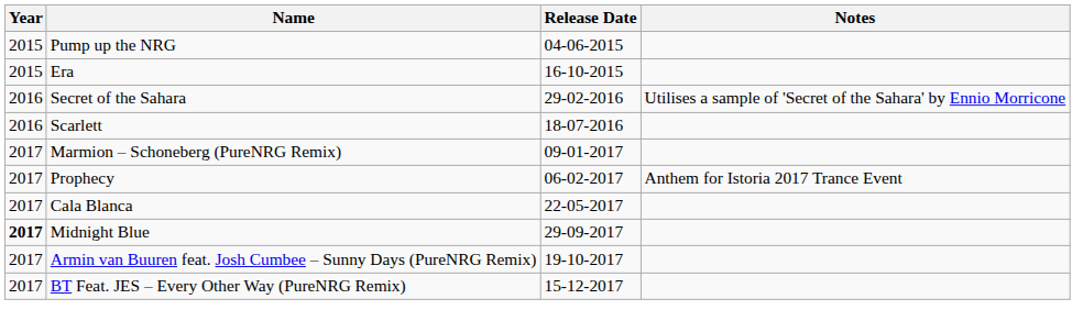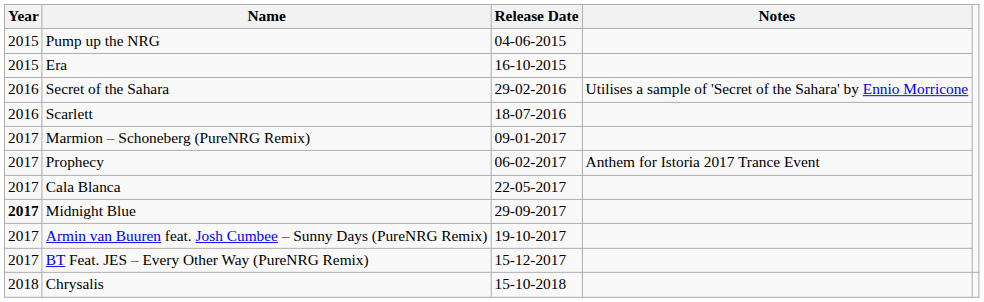 <table class="wikitable">
 <tr>
 <th>Year</th>
 <th>Name</th>
 <th>Release Date</th>
 <th>Notes</th>
 </tr>
 <tr>
 <td>2015</td>
 <td>Pump up the NRG</td>
 <td>04-06-2015</td>
 <td></td>
 </tr>
 <tr>
 <td>2015</td>
 <td>Era</td>
 <td>16-10-2015</td>
 <td></td>
 </tr>
 <tr>
 <td>2016</td>
 <td>Secret of the Sahara</td>
 <td>29-02-2016</td>
 <td>Utilises a sample of 'Secret of the Sahara' by <a href='#'>Ennio Morricone</a></td>
 </tr>
 <tr>
 <td>2016</td>
 <td>Scarlett</td>
 <td>18-07-2016</td>
 <td></td>
 </tr>
 <tr>
 <td>2017</td>
 <td>Marmion – Schoneberg (PureNRG Remix)</td>
 <td>09-01-2017</td>
 <td></td>
 </tr>
 <tr>
 <td>2017</td>
 <td>Prophecy</td>
 <td>06-02-2017</td>
 <td>Anthem for Istoria 2017 Trance Event</td>
 </tr>
 <tr>
 <td>2017</td>
 <td>Cala Blanca</td>
 <td>22-05-2017</td>
 <td></td>
 </tr>
 <tr>
 <td><strong>2017</strong></td>
 <td>Midnight Blue</td>
 <td>29-09-2017</td>
 <td></td>
 </tr>
 <tr>
 <td>2017</td>
 <td><a href='#'>Armin van Buuren</a> feat. <a href='#'>Josh Cumbee</a> – Sunny Days (PureNRG Remix)</td>
 <td>19-10-2017</td>
 <td></td>
 </tr>
 <tr>
 <td>2017</td>
 <td><a href='#'>BT</a> Feat. JES – Every Other Way (PureNRG Remix)</td>
 <td>15-12-2017</td>
 <td></td>
 </tr>
+<tr>
+<td>2018</td>
+<td>Chrysalis</td>
+<td>15-10-2018</td>
+<td></td>
+<td></td>
+</tr>
 </table>
